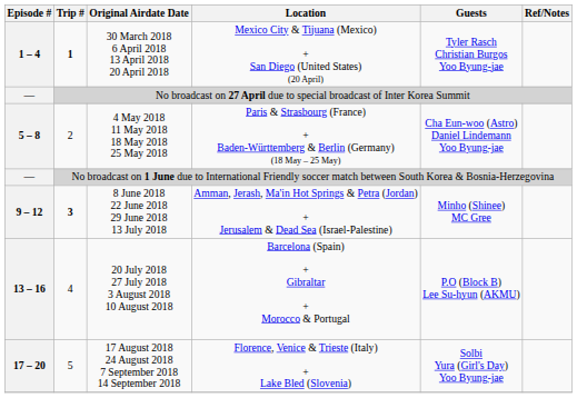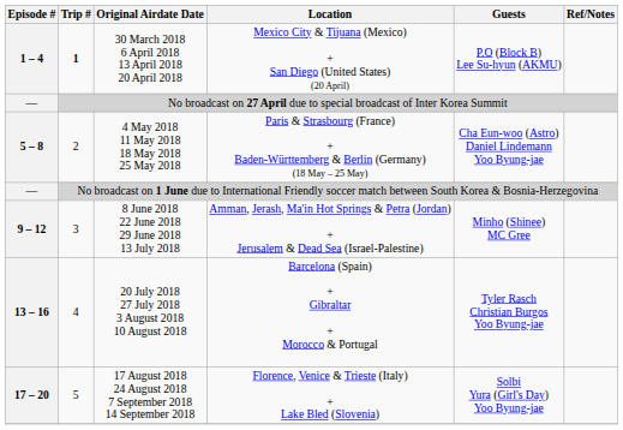 <table class=wikitable style=text-align:center>
 <tr>
 <th>Episode #</th>
 <th>Trip #</th>
 <th>Original Airdate Date</th>
 <th>Location</th>
 <th>Guests</th>
 <th>Ref/Notes</th>
 </tr>
 <tr>
 <th>1 – 4</th>
 <td><strong>1</strong></td>
 <td>30 March 2018<br>6 April 2018<br>13 April 2018<br>20 April 2018</td>
 <td><a href='#'>Mexico City</a> & <a href='#'>Tijuana</a> (Mexico)<br><br>+<br> <a href='#'>San Diego</a> (United States)<br><small>(20 April)</small></td>
-<td><a href='#'>Tyler Rasch</a><br><a href='#'>Christian Burgos</a><br><a href='#'>Yoo Byung-jae</a></td>
+<td><a href='#'>P.O</a> (<a href='#'>Block B</a>)<br><a href='#'>Lee Su-hyun</a> (<a href='#'>AKMU</a>)</td>
 <td></td>
 </tr>
 <tr>
 <th>—</th>
 <td colspan=5, style="background:Lightgray">No broadcast on <strong>27 April</strong> due to special broadcast of Inter Korea Summit </td>
 </tr>
 <tr>
 <th>5 – 8</th>
 <td>2</td>
 <td>4 May 2018<br>11 May 2018<br>18 May 2018<br>25 May 2018</td>
 <td><a href='#'>Paris</a> & <a href='#'>Strasbourg</a> (France)<br><br>+<br> <a href='#'>Baden-Württemberg</a> & <a href='#'>Berlin</a> (Germany)<br><small>(18 May – 25 May)</small></td>
 <td><a href='#'>Cha Eun-woo</a> (<a href='#'>Astro</a>)<br><a href='#'>Daniel Lindemann</a><br><a href='#'>Yoo Byung-jae</a></td>
 <td></td>
 </tr>
 <tr>
 <th>—</th>
 <td colspan=5, style="background:Lightgray">No broadcast on <strong>1 June</strong> due to International Friendly soccer match between South Korea & Bosnia-Herzegovina </td>
 </tr>
 <tr>
 <th>9 – 12</th>
-<td><strong>3</strong></td>
+<td>3</td>
 <td>8 June 2018<br>22 June 2018<br>29 June 2018<br>13 July 2018</td>
 <td><a href='#'>Amman</a>, <a href='#'>Jerash</a>, <a href='#'>Ma'in Hot Springs</a> & <a href='#'>Petra</a> (<a href='#'>Jordan</a>)<br><br>+<br> <a href='#'>Jerusalem</a> & <a href='#'>Dead Sea</a> (Israel-Palestine)<br></td>
 <td><a href='#'>Minho</a> (<a href='#'>Shinee</a>)<br><a href='#'>MC Gree</a></td>
 <td><br></td>
 </tr>
 <tr>
 <th>13 – 16</th>
 <td>4</td>
 <td>20 July 2018<br>27 July 2018<br>3 August 2018<br>10 August 2018</td>
 <td><a href='#'>Barcelona</a> (Spain)<br><br>+<br> <a href='#'>Gibraltar</a><br><br> +<br> <a href='#'>Morocco</a> & Portugal<br><br></td>
-<td><a href='#'>P.O</a> (<a href='#'>Block B</a>)<br><a href='#'>Lee Su-hyun</a> (<a href='#'>AKMU</a>)</td>
+<td><a href='#'>Tyler Rasch</a><br><a href='#'>Christian Burgos</a><br><a href='#'>Yoo Byung-jae</a></td>
 <td> <br></td>
 </tr>
 <tr>
 <th>17 – 20</th>
 <td>5</td>
 <td>17 August 2018<br>24 August 2018<br>7 September 2018<br>14 September 2018</td>
 <td><a href='#'>Florence</a>, <a href='#'>Venice</a> & <a href='#'>Trieste</a> (Italy)<br><br>+<br> <a href='#'>Lake Bled</a> (<a href='#'>Slovenia</a>)<br></td>
 <td><a href='#'>Solbi</a><br><a href='#'>Yura</a> (<a href='#'>Girl's Day</a>)<br><a href='#'>Yoo Byung-jae</a></td>
 <td><br></td>
 </tr>
 <tr>
 </tr>
 </table>
